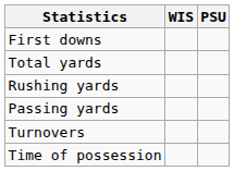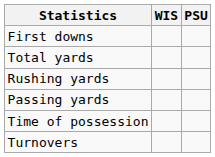 <table class="wikitable" style="float: left;">
 <tr>
 <th>Statistics</th>
 <th>WIS</th>
 <th>PSU</th>
 </tr>
 <tr>
 <td>First downs</td>
 <td></td>
 <td></td>
 </tr>
 <tr>
 <td>Total yards</td>
 <td></td>
 <td></td>
 </tr>
 <tr>
 <td>Rushing yards</td>
 <td></td>
 <td></td>
 </tr>
 <tr>
 <td>Passing yards</td>
 <td></td>
 <td></td>
 </tr>
 <tr>
-<td>Turnovers</td>
+<td>Time of possession</td>
 <td></td>
 <td></td>
 </tr>
 <tr>
-<td>Time of possession</td>
+<td>Turnovers</td>
 <td></td>
 <td></td>
 </tr>
 <tr>
 </tr>
 </table>
